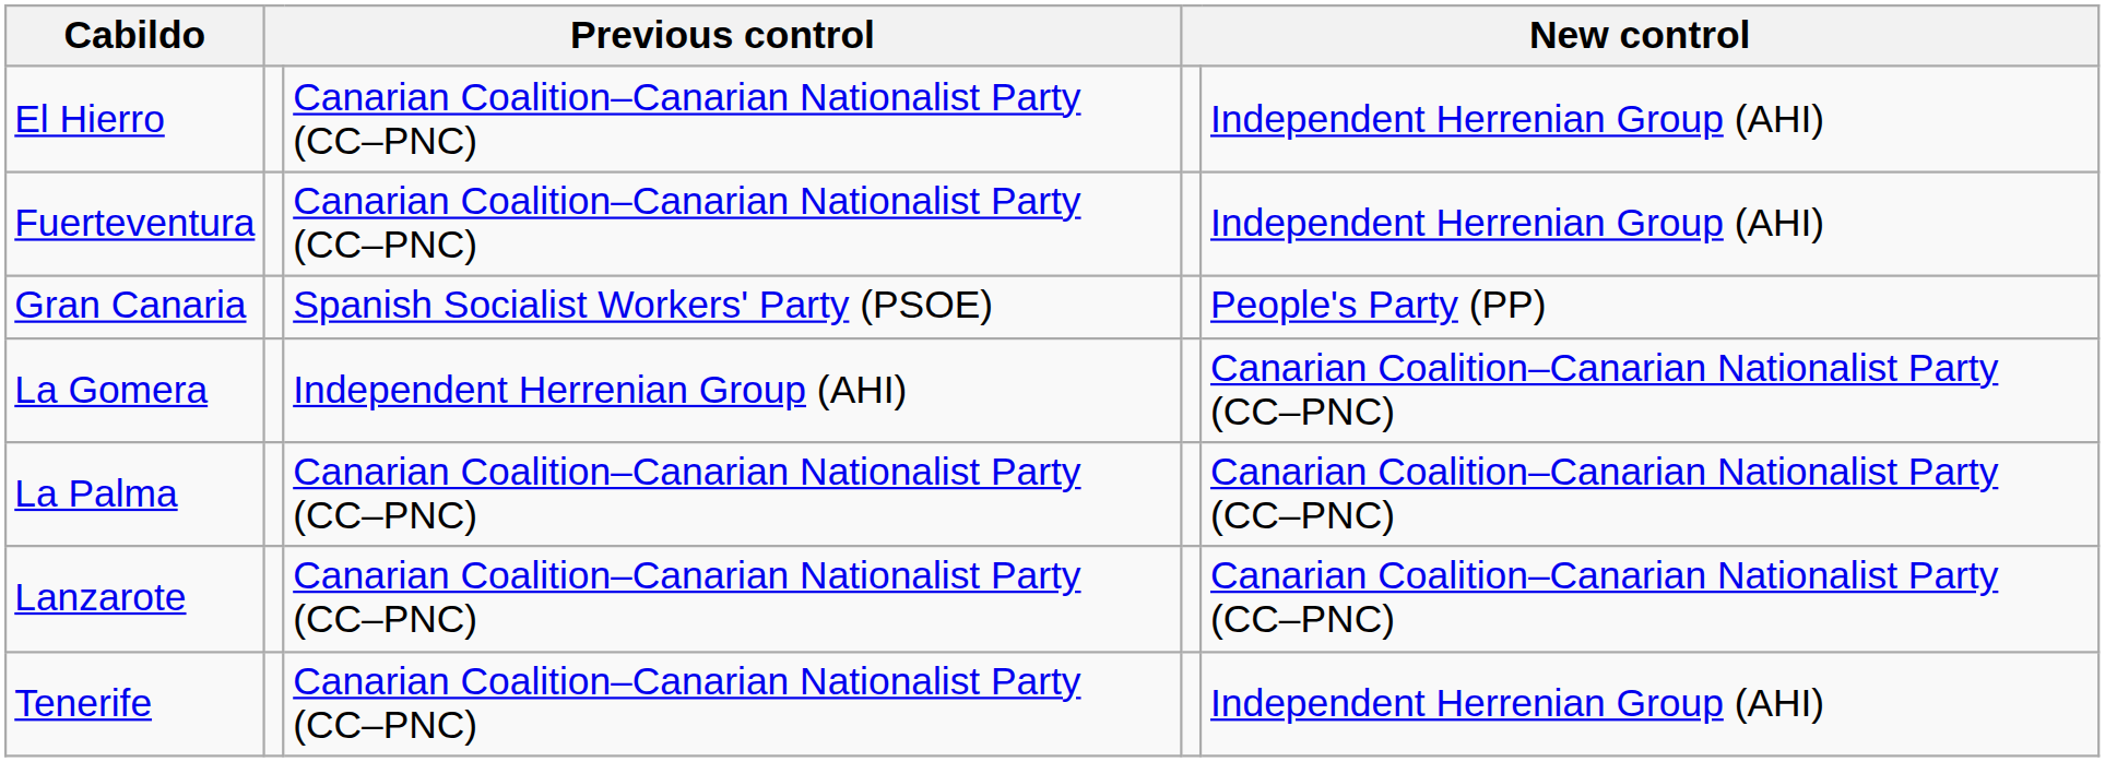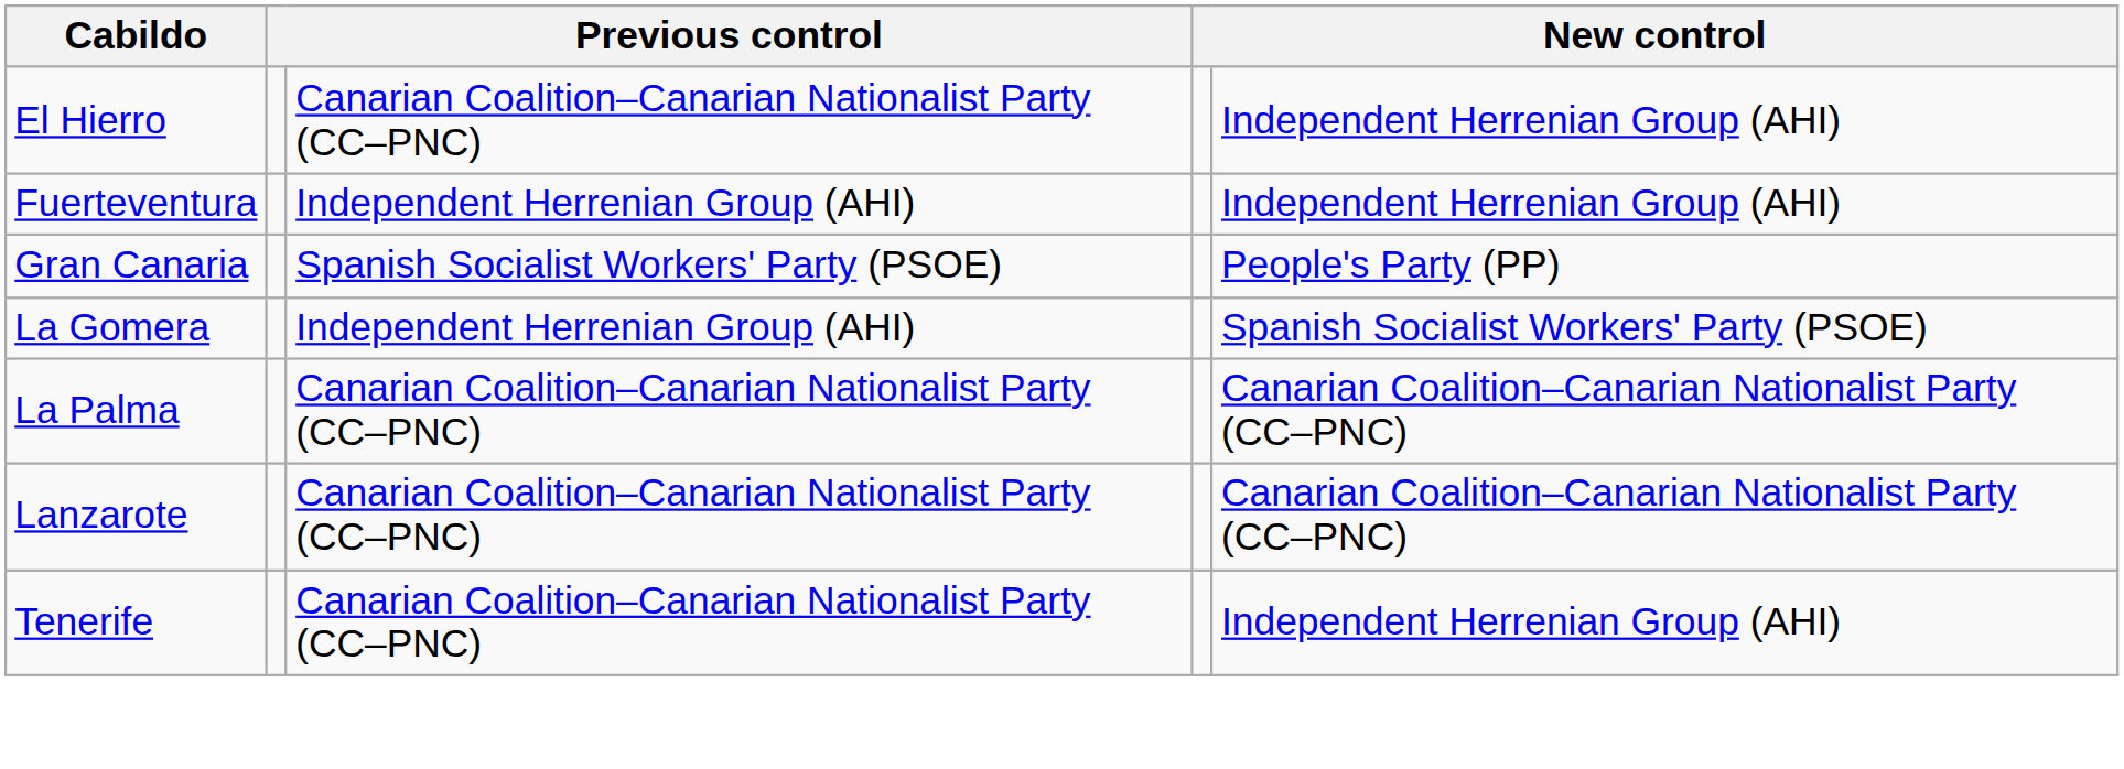 <table class="wikitable sortable">
 <tr>
 <th>Cabildo</th>
 <th colspan="2" style="width:375px;">Previous control</th>
 <th colspan="2" style="width:375px;">New control</th>
 </tr>
 <tr>
 <td><a href='#'>El Hierro</a></td>
 <td width="1" style="color:inherit;background:"></td>
 <td><a href='#'>Canarian Coalition–Canarian Nationalist Party</a> (CC–PNC)</td>
 <td width="1" style="color:inherit;background:"></td>
 <td><a href='#'>Independent Herrenian Group</a> (AHI) </td>
 </tr>
 <tr>
 <td><a href='#'>Fuerteventura</a></td>
 <td style="color:inherit;background:"></td>
-<td><a href='#'>Canarian Coalition–Canarian Nationalist Party</a> (CC–PNC)</td>
+<td><a href='#'>Independent Herrenian Group</a> (AHI)</td>
 <td style="color:inherit;background:"></td>
 <td><a href='#'>Independent Herrenian Group</a> (AHI) </td>
 </tr>
 <tr>
 <td><a href='#'>Gran Canaria</a></td>
 <td style="color:inherit;background:"></td>
 <td><a href='#'>Spanish Socialist Workers' Party</a> (PSOE)</td>
 <td style="color:inherit;background:"></td>
 <td><a href='#'>People's Party</a> (PP)</td>
 </tr>
 <tr>
 <td><a href='#'>La Gomera</a></td>
 <td style="color:inherit;background:"></td>
 <td><a href='#'>Independent Herrenian Group</a> (AHI)</td>
 <td style="color:inherit;background:"></td>
-<td><a href='#'>Canarian Coalition–Canarian Nationalist Party</a> (CC–PNC)</td>
+<td><a href='#'>Spanish Socialist Workers' Party</a> (PSOE) </td>
 </tr>
 <tr>
 <td><a href='#'>La Palma</a></td>
 <td style="color:inherit;background:"></td>
 <td><a href='#'>Canarian Coalition–Canarian Nationalist Party</a> (CC–PNC)</td>
 <td style="color:inherit;background:"></td>
 <td><a href='#'>Canarian Coalition–Canarian Nationalist Party</a> (CC–PNC) </td>
 </tr>
 <tr>
 <td><a href='#'>Lanzarote</a></td>
 <td style="color:inherit;background:"></td>
 <td><a href='#'>Canarian Coalition–Canarian Nationalist Party</a> (CC–PNC)</td>
 <td style="color:inherit;background:"></td>
 <td><a href='#'>Canarian Coalition–Canarian Nationalist Party</a> (CC–PNC)</td>
 </tr>
 <tr>
 <td><a href='#'>Tenerife</a></td>
 <td style="color:inherit;background:"></td>
 <td><a href='#'>Canarian Coalition–Canarian Nationalist Party</a> (CC–PNC)</td>
 <td style="color:inherit;background:"></td>
 <td><a href='#'>Independent Herrenian Group</a> (AHI) </td>
 </tr>
 </table>
